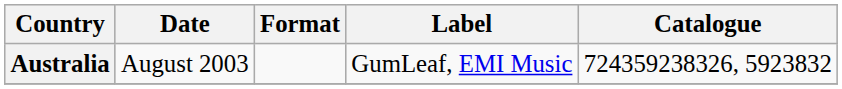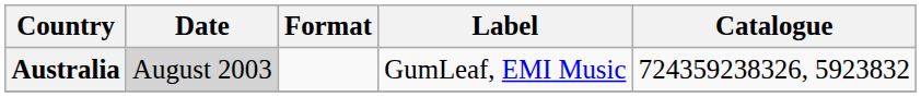 <table class="wikitable plainrowheaders">
 <tr>
 <th scope="col">Country</th>
 <th scope="col">Date</th>
 <th scope="col">Format</th>
 <th scope="col">Label</th>
 <th scope="col">Catalogue</th>
 </tr>
 <tr>
 <th scope="row">Australia</th>
-<td>August 2003</td>
+<td style="background: lightgrey;">August 2003</td>
 <td></td>
 <td>GumLeaf, <a href='#'>EMI Music</a></td>
 <td>724359238326, 5923832</td>
 </tr>
 <tr>
 </tr>
 </table>
